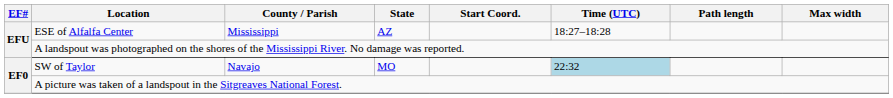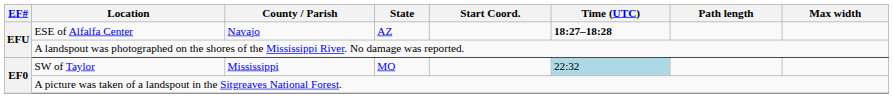 <table class="wikitable sortable" style="width:100%;">
 <tr>
 <th scope="col" width="2%" align="center"><a href='#'>EF#</a></th>
 <th scope="col" align="center" class="unsortable">Location</th>
 <th scope="col" align="center" class="unsortable">County / Parish</th>
 <th scope="col" align="center">State</th>
 <th scope="col" align="center">Start Coord.</th>
 <th scope="col" align="center">Time (<a href='#'>UTC</a>)</th>
 <th scope="col" align="center">Path length</th>
 <th scope="col" align="center">Max width</th>
 </tr>
 <tr>
 <th scope="row" rowspan="2" style="background-color:#">EFU</th>
 <td>ESE of <a href='#'>Alfalfa Center</a></td>
-<td><a href='#'>Mississippi</a></td>
+<td><a href='#'>Navajo</a></td>
 <td><a href='#'>AZ</a></td>
 <td></td>
-<td>18:27–18:28</td>
+<td><strong>18:27–18:28</strong></td>
 <td></td>
 <td></td>
 </tr>
 <tr class="expand-child">
 <td colspan="8" style=" border-bottom: 1px solid black;">A landspout was photographed on the shores of the <a href='#'>Mississippi River</a>. No damage was reported.</td>
 </tr>
 <tr>
 <th scope="row" rowspan="2" style="background-color:#">EF0</th>
 <td>SW of <a href='#'>Taylor</a></td>
-<td><a href='#'>Navajo</a></td>
+<td><a href='#'>Mississippi</a></td>
 <td><a href='#'>MO</a></td>
 <td></td>
 <td style="background: lightblue;">22:32</td>
 <td></td>
 <td></td>
 </tr>
 <tr class="expand-child">
 <td colspan="8" style=" border-bottom: 1px solid black;">A picture was taken of a landspout in the <a href='#'>Sitgreaves National Forest</a>.</td>
 </tr>
 <tr>
 </tr>
 </table>
